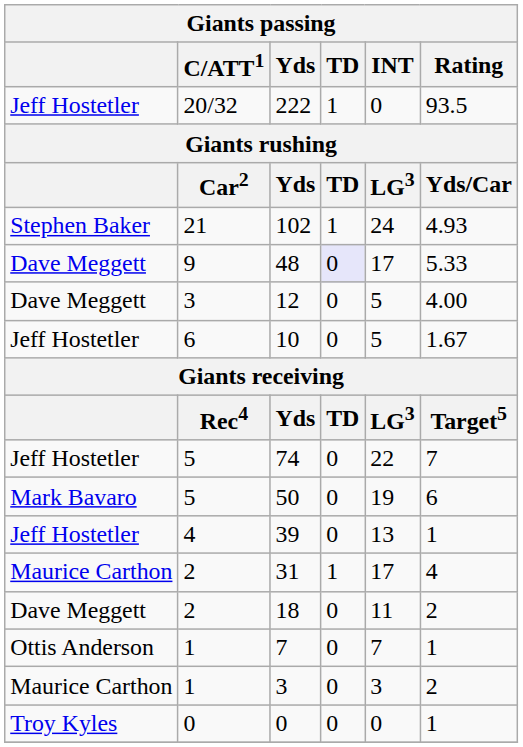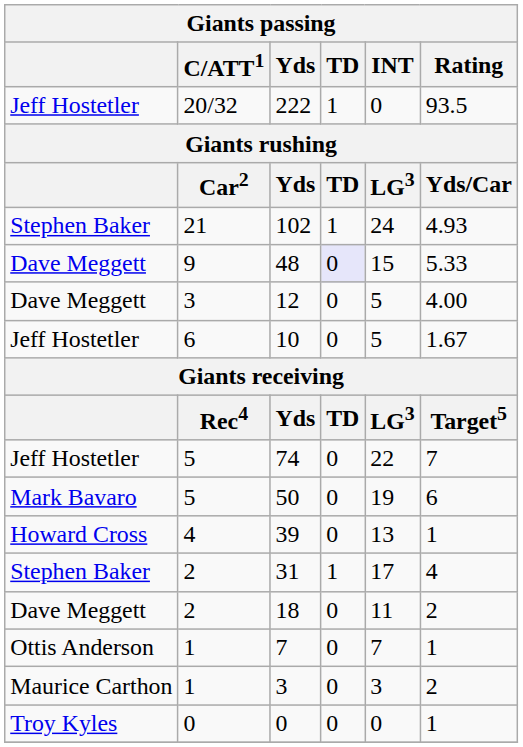 <table class="wikitable">
 <tr>
 <th colspan="6">Giants passing</th>
 </tr>
 <tr>
 <th></th>
 <th>C/ATT<sup>1</sup></th>
 <th>Yds</th>
 <th>TD</th>
 <th>INT</th>
 <th>Rating</th>
 </tr>
 <tr>
 <td><a href='#'>Jeff Hostetler</a></td>
 <td>20/32</td>
 <td>222</td>
 <td>1</td>
 <td>0</td>
 <td>93.5</td>
 </tr>
 <tr>
 <th colspan="6">Giants rushing</th>
 </tr>
 <tr>
 <th></th>
 <th>Car<sup>2</sup></th>
 <th>Yds</th>
 <th>TD</th>
 <th>LG<sup>3</sup></th>
 <th>Yds/Car</th>
 </tr>
 <tr>
 <td><a href='#'>Stephen Baker</a></td>
 <td>21</td>
 <td>102</td>
 <td>1</td>
 <td>24</td>
 <td>4.93</td>
 </tr>
 <tr>
 <td><a href='#'>Dave Meggett</a></td>
 <td>9</td>
 <td>48</td>
 <td style="background: lavender;">0</td>
-<td>17</td>
+<td>15</td>
 <td>5.33</td>
 </tr>
 <tr>
 <td>Dave Meggett</td>
 <td>3</td>
 <td>12</td>
 <td>0</td>
 <td>5</td>
 <td>4.00</td>
 </tr>
 <tr>
 <td>Jeff Hostetler</td>
 <td>6</td>
 <td>10</td>
 <td>0</td>
 <td>5</td>
 <td>1.67</td>
 </tr>
 <tr>
 <th colspan="6">Giants receiving</th>
 </tr>
 <tr>
 <th></th>
 <th>Rec<sup>4</sup></th>
 <th>Yds</th>
 <th>TD</th>
 <th>LG<sup>3</sup></th>
 <th>Target<sup>5</sup></th>
 </tr>
 <tr>
 <td>Jeff Hostetler</td>
 <td>5</td>
 <td>74</td>
 <td>0</td>
 <td>22</td>
 <td>7</td>
 </tr>
 <tr>
 <td><a href='#'>Mark Bavaro</a></td>
 <td>5</td>
 <td>50</td>
 <td>0</td>
 <td>19</td>
 <td>6</td>
 </tr>
 <tr>
-<td><a href='#'>Jeff Hostetler</a></td>
+<td><a href='#'>Howard Cross</a></td>
 <td>4</td>
 <td>39</td>
 <td>0</td>
 <td>13</td>
 <td>1</td>
 </tr>
 <tr>
-<td><a href='#'>Maurice Carthon</a></td>
+<td><a href='#'>Stephen Baker</a></td>
 <td>2</td>
 <td>31</td>
 <td>1</td>
 <td>17</td>
 <td>4</td>
 </tr>
 <tr>
 <td>Dave Meggett</td>
 <td>2</td>
 <td>18</td>
 <td>0</td>
 <td>11</td>
 <td>2</td>
 </tr>
 <tr>
 <td>Ottis Anderson</td>
 <td>1</td>
 <td>7</td>
 <td>0</td>
 <td>7</td>
 <td>1</td>
 </tr>
 <tr>
 <td>Maurice Carthon</td>
 <td>1</td>
 <td>3</td>
 <td>0</td>
 <td>3</td>
 <td>2</td>
 </tr>
 <tr>
 <td><a href='#'>Troy Kyles</a></td>
 <td>0</td>
 <td>0</td>
 <td>0</td>
 <td>0</td>
 <td>1</td>
 </tr>
 <tr>
 </tr>
 </table>
